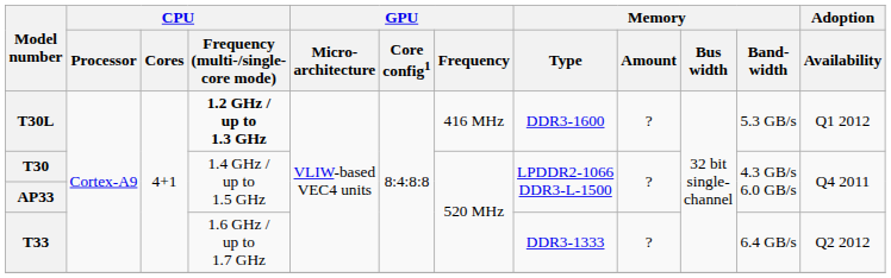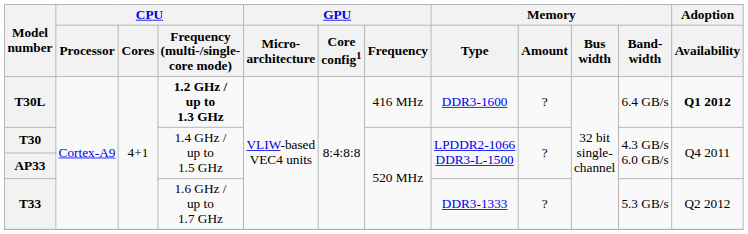 <table class="wikitable" style="text-align:center;">
 <tr>
 <th rowspan=2>Model<br>number</th>
 <th colspan=3><a href='#'>CPU</a></th>
 <th colspan=3><a href='#'>GPU</a></th>
 <th colspan=4>Memory</th>
 <th>Adoption</th>
 </tr>
 <tr>
 <th>Processor</th>
 <th>Cores</th>
 <th>Frequency<br>(multi-/single-<br>core mode)</th>
 <th>Micro-<br>architecture</th>
 <th>Core<br>config<sup>1</sup></th>
 <th>Frequency</th>
 <th>Type</th>
 <th>Amount</th>
 <th>Bus<br>width</th>
 <th>Band-<br>width</th>
 <th>Availability</th>
 </tr>
 <tr>
 <th>T30L</th>
 <td rowspan="4"><a href='#'>Cortex-A9</a></td>
 <td rowspan="4">4+1</td>
 <td><strong>1.2 GHz /<br>up to <br>1.3 GHz</strong></td>
 <td rowspan="4"><a href='#'>VLIW</a>-based<br>VEC4 units<br></td>
 <td rowspan="4">8:4:8:8<br></td>
 <td>416 MHz</td>
 <td><a href='#'>DDR3-1600</a></td>
 <td>?</td>
 <td rowspan="4">32 bit<br>single-<br>channel</td>
-<td>5.3 GB/s </td>
-<td>Q1 2012</td>
+<td>6.4 GB/s </td>
+<td><strong>Q1 2012</strong></td>
 </tr>
 <tr>
 <th>T30</th>
 <td rowspan="2">1.4 GHz /<br>up to <br>1.5 GHz</td>
 <td rowspan="3">520 MHz</td>
 <td rowspan="2"><a href='#'>LPDDR2-1066</a><br><a href='#'>DDR3-L-1500</a></td>
 <td rowspan="2">?</td>
 <td rowspan="2">4.3 GB/s<br>6.0 GB/s </td>
 <td rowspan="2">Q4 2011</td>
 </tr>
 <tr>
 <th>AP33<br>   </th>
 </tr>
 <tr>
 <th>T33</th>
 <td>1.6 GHz /<br>up to <br>1.7 GHz<br></td>
 <td><a href='#'>DDR3-1333</a></td>
 <td>?</td>
-<td>6.4 GB/s </td>
+<td>5.3 GB/s </td>
 <td>Q2 2012</td>
 </tr>
 <tr>
 </tr>
 </table>
